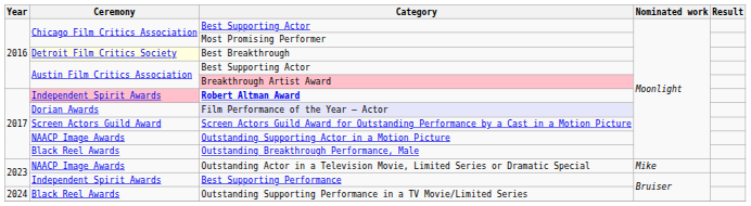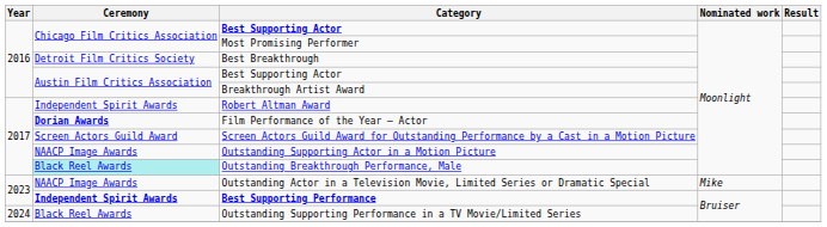 <table class="wikitable">
 <tr>
 <th>Year</th>
 <th>Ceremony</th>
 <th>Category</th>
 <th>Nominated work</th>
 <th>Result</th>
 </tr>
 <tr>
 <td rowspan="5">2016</td>
 <td rowspan="2"><a href='#'>Chicago Film Critics Association</a></td>
-<td><a href='#'>Best Supporting Actor</a></td>
+<td><strong><a href='#'>Best Supporting Actor</a></strong></td>
 <td rowspan="10"><em>Moonlight</em></td>
 <td></td>
 </tr>
 <tr>
 <td>Most Promising Performer</td>
 <td></td>
 </tr>
 <tr>
-<td style="background: lightyellow;"><a href='#'>Detroit Film Critics Society</a></td>
+<td><a href='#'>Detroit Film Critics Society</a></td>
 <td>Best Breakthrough</td>
 <td></td>
 </tr>
 <tr>
 <td rowspan="2"><a href='#'>Austin Film Critics Association</a></td>
 <td>Best Supporting Actor</td>
 <td></td>
 </tr>
 <tr>
-<td style="background: pink;">Breakthrough Artist Award</td>
+<td>Breakthrough Artist Award</td>
 <td></td>
 </tr>
 <tr>
 <td rowspan="5">2017</td>
-<td style="background: pink;"><a href='#'>Independent Spirit Awards</a></td>
-<td><strong><a href='#'>Robert Altman Award</a></strong></td>
+<td><a href='#'>Independent Spirit Awards</a></td>
+<td><a href='#'>Robert Altman Award</a></td>
 <td></td>
 </tr>
 <tr>
-<td><a href='#'>Dorian Awards</a></td>
-<td style="background: lavender;">Film Performance of the Year — Actor</td>
+<td><strong><a href='#'>Dorian Awards</a></strong></td>
+<td>Film Performance of the Year — Actor</td>
 <td></td>
 </tr>
 <tr>
 <td><a href='#'>Screen Actors Guild Award</a></td>
 <td><a href='#'>Screen Actors Guild Award for Outstanding Performance by a Cast in a Motion Picture</a></td>
 <td></td>
 </tr>
 <tr>
 <td><a href='#'>NAACP Image Awards</a></td>
 <td><a href='#'>Outstanding Supporting Actor in a Motion Picture</a></td>
 <td></td>
 </tr>
 <tr>
-<td><a href='#'>Black Reel Awards</a></td>
+<td style="background: paleturquoise;"><a href='#'>Black Reel Awards</a></td>
 <td><a href='#'>Outstanding Breakthrough Performance, Male</a></td>
 <td></td>
 </tr>
 <tr>
 <td rowspan="2">2023</td>
 <td><a href='#'>NAACP Image Awards</a></td>
 <td>Outstanding Actor in a Television Movie, Limited Series or Dramatic Special</td>
 <td><em>Mike</em></td>
 <td></td>
 </tr>
 <tr>
-<td><a href='#'>Independent Spirit Awards</a></td>
-<td><a href='#'>Best Supporting Performance</a></td>
+<td><strong><a href='#'>Independent Spirit Awards</a></strong></td>
+<td><strong><a href='#'>Best Supporting Performance</a></strong></td>
 <td rowspan="2"><em>Bruiser</em></td>
 <td></td>
 </tr>
 <tr>
 <td>2024</td>
 <td><a href='#'>Black Reel Awards</a></td>
 <td>Outstanding Supporting Performance in a TV Movie/Limited Series</td>
 <td></td>
 </tr>
 <tr>
 </tr>
 </table>
